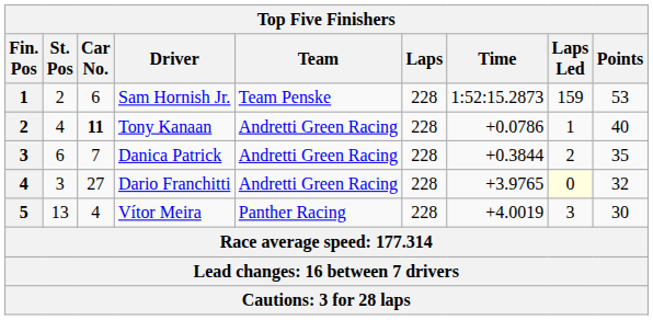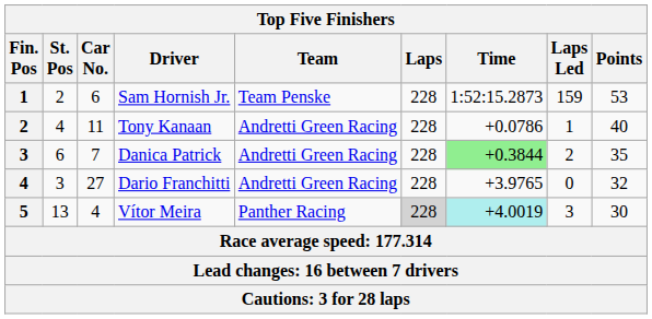 <table class="wikitable" style="font-size:95%;text-align:center">
 <tr>
 <th colspan=9>Top Five Finishers</th>
 </tr>
 <tr>
 <th>Fin.<br>Pos</th>
 <th>St.<br>Pos</th>
 <th>Car<br>No.</th>
 <th>Driver</th>
 <th>Team</th>
 <th>Laps</th>
 <th>Time</th>
 <th>Laps<br>Led</th>
 <th>Points</th>
 </tr>
 <tr>
 <th>1</th>
 <td>2</td>
 <td>6</td>
 <td style="text-align:left"> <a href='#'>Sam Hornish Jr.</a></td>
 <td style="text-align:left"><a href='#'>Team Penske</a></td>
 <td>228</td>
 <td align=right>1:52:15.2873</td>
 <td>159</td>
 <td>53</td>
 </tr>
 <tr>
 <th>2</th>
 <td>4</td>
-<td><strong>11</strong></td>
+<td>11</td>
 <td style="text-align:left"> <a href='#'>Tony Kanaan</a></td>
 <td style="text-align:left"><a href='#'>Andretti Green Racing</a></td>
 <td>228</td>
 <td align=right>+0.0786</td>
 <td>1</td>
 <td>40</td>
 </tr>
 <tr>
 <th>3</th>
 <td>6</td>
 <td>7</td>
 <td style="text-align:left"> <a href='#'>Danica Patrick</a></td>
 <td style="text-align:left"><a href='#'>Andretti Green Racing</a></td>
 <td>228</td>
-<td align=right>+0.3844</td>
+<td align=right style="background: lightgreen;">+0.3844</td>
 <td>2</td>
 <td>35</td>
 </tr>
 <tr>
 <th>4</th>
 <td>3</td>
 <td>27</td>
 <td style="text-align:left"> <a href='#'>Dario Franchitti</a></td>
 <td style="text-align:left"><a href='#'>Andretti Green Racing</a></td>
 <td>228</td>
 <td align=right>+3.9765</td>
-<td style="background: lightyellow;">0</td>
+<td>0</td>
 <td>32</td>
 </tr>
 <tr>
 <th>5</th>
 <td>13</td>
 <td>4</td>
 <td style="text-align:left"> <a href='#'>Vítor Meira</a></td>
 <td style="text-align:left"><a href='#'>Panther Racing</a></td>
-<td>228</td>
-<td align=right>+4.0019</td>
+<td style="background: lightgrey;">228</td>
+<td align=right style="background: paleturquoise;">+4.0019</td>
 <td>3</td>
 <td>30</td>
 </tr>
 <tr>
 <th colspan=9>Race average speed: 177.314</th>
 </tr>
 <tr>
 <th colspan=9>Lead changes: 16 between 7 drivers</th>
 </tr>
 <tr>
 <th colspan=9>Cautions: 3 for 28 laps</th>
 </tr>
 </table>
